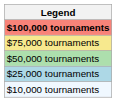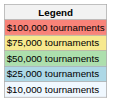 <table class="wikitable" style="font-size:85%;">
 <tr>
 <th>Legend</th>
 </tr>
 <tr style="background:#f88379;">
-<td><strong>$100,000 tournaments</strong></td>
+<td>$100,000 tournaments</td>
 </tr>
 <tr style="background:#f7e98e;">
 <td>$75,000 tournaments</td>
 </tr>
 <tr style="background:#addfad;">
 <td>$50,000 tournaments</td>
 </tr>
 <tr style="background:lightblue;">
 <td>$25,000 tournaments</td>
 </tr>
 <tr style="background:#f0f8ff;">
 <td>$10,000 tournaments</td>
 </tr>
 </table>
